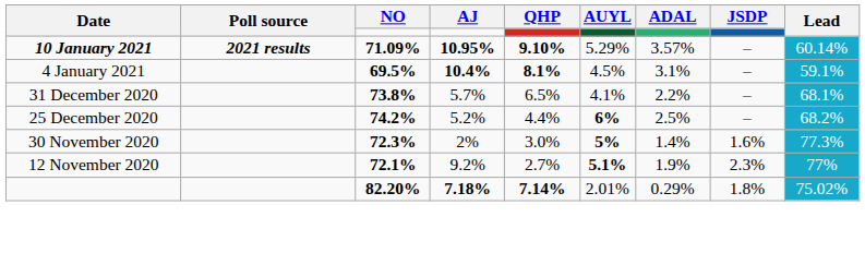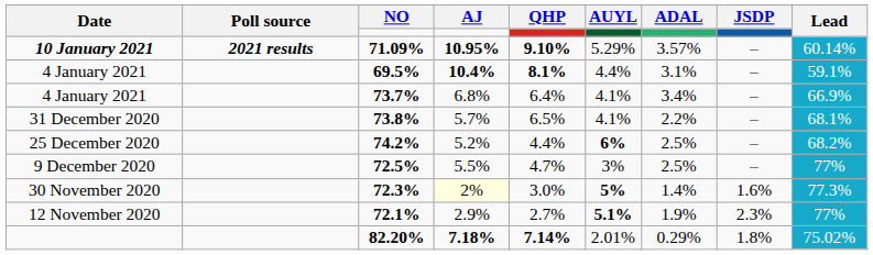 <table class=wikitable style="font-size:95%; line-height:14px; text-align:center; margin-left: auto; margin-right: auto; border: none;">
 <tr>
 <th rowspan="2" style="width:150px;">Date</th>
 <th rowspan="2" style="width:150px;">Poll source</th>
 <th style="width:60px"><a href='#'>NO</a></th>
 <th style="width:60px"><a href='#'>AJ</a></th>
 <th style="width:60px"><a href='#'>QHP</a></th>
 <th><a href='#'>AUYL</a></th>
 <th style="width:60px"><a href='#'>ADAL</a></th>
 <th style="width:60px"><a href='#'>JSDP</a></th>
 <th rowspan="2" style="width:60px;">Lead</th>
 </tr>
 <tr>
 <td></td>
 <td></td>
 <td bgcolor="#DC241F"></td>
 <td bgcolor="#0A5C2F"></td>
 <td bgcolor="#25B071"></td>
 <td bgcolor="#0C5AA4"></td>
 </tr>
 <tr>
 <td><strong><em>10 January 2021</em></strong></td>
 <td><strong><em>2021 results</em></strong></td>
 <td><strong>71.09%</strong></td>
 <td><strong>10.95%</strong></td>
 <td><strong>9.10%</strong></td>
 <td>5.29%</td>
 <td>3.57%</td>
 <td>–</td>
 <td style="background:#17A9C9; color:white;">60.14%</td>
 </tr>
 <tr>
 <td>4 January 2021</td>
 <td></td>
 <td><strong>69.5%</strong></td>
 <td><strong>10.4%</strong></td>
 <td><strong>8.1%</strong></td>
-<td>4.5%</td>
+<td>4.4%</td>
 <td>3.1%</td>
 <td>–</td>
 <td style="background:#17A9C9; color:white;">59.1%</td>
+</tr>
+<tr>
+<td>4 January 2021</td>
+<td></td>
+<td><strong>73.7%</strong></td>
+<td>6.8%</td>
+<td>6.4%</td>
+<td>4.1%</td>
+<td>3.4%</td>
+<td>–</td>
+<td style="background:#17A9C9; color:white;">66.9%</td>
 </tr>
 <tr>
 <td>31 December 2020</td>
 <td></td>
 <td><strong>73.8%</strong></td>
 <td>5.7%</td>
 <td>6.5%</td>
 <td>4.1%</td>
 <td>2.2%</td>
 <td>–</td>
 <td style="background:#17A9C9; color:white;">68.1%</td>
 </tr>
 <tr>
 <td>25 December 2020</td>
 <td></td>
 <td><strong>74.2%</strong></td>
 <td>5.2%</td>
 <td>4.4%</td>
 <td><strong>6%</strong></td>
 <td>2.5%</td>
 <td>–</td>
 <td style="background:#17A9C9; color:white;">68.2%</td>
 </tr>
 <tr>
+<td>9 December 2020</td>
+<td> </td>
+<td><strong>72.5%</strong></td>
+<td>5.5%</td>
+<td>4.7%</td>
+<td>3%</td>
+<td>2.5%</td>
+<td>–</td>
+<td style="background:#17A9C9; color:white;">77%</td>
+</tr>
+<tr>
 <td>30 November 2020</td>
 <td> </td>
 <td><strong>72.3%</strong></td>
-<td>2%</td>
+<td style="background: lightyellow;">2%</td>
 <td>3.0%</td>
 <td><strong>5%</strong></td>
 <td>1.4%</td>
 <td>1.6%</td>
 <td style="background:#17A9C9; color:white;">77.3%</td>
 </tr>
 <tr>
 <td>12 November 2020</td>
 <td> </td>
 <td><strong>72.1%</strong></td>
-<td>9.2%</td>
+<td>2.9%</td>
 <td>2.7%</td>
 <td><strong>5.1%</strong></td>
 <td>1.9%</td>
 <td>2.3%</td>
 <td style="background:#17A9C9; color:white;">77%</td>
 </tr>
 <tr>
 <td></td>
 <td></td>
 <td><strong>82.20%</strong></td>
 <td><strong>7.18%</strong></td>
 <td><strong>7.14%</strong></td>
 <td>2.01%</td>
 <td>0.29%</td>
 <td>1.8%</td>
 <td style="background:#17A9C9; color:white;">75.02%</td>
 </tr>
 <tr>
 </tr>
 </table>
